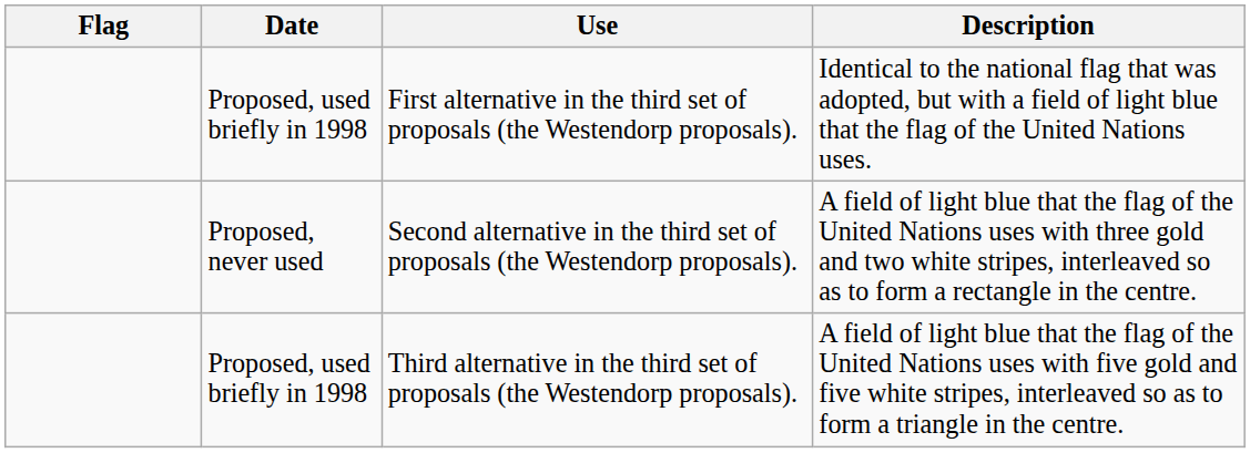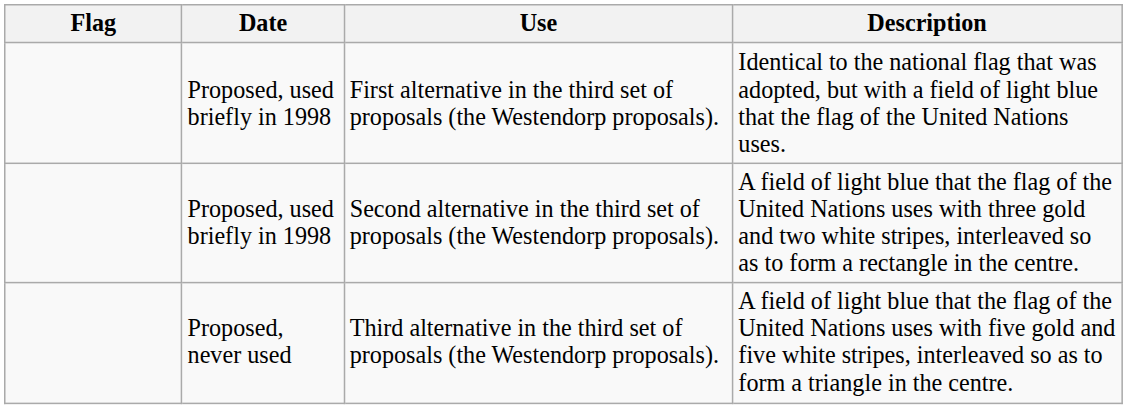 <table class="wikitable">
 <tr>
 <th style="width:110px;">Flag</th>
 <th style="width:100px;">Date</th>
 <th style="width:250px;">Use</th>
 <th style="width:250px;">Description</th>
 </tr>
 <tr>
 <td></td>
 <td>Proposed, used briefly in 1998</td>
 <td>First alternative in the third set of proposals (the Westendorp proposals).</td>
 <td>Identical to the national flag that was adopted, but with a field of light blue that the flag of the United Nations uses.</td>
 </tr>
 <tr>
 <td></td>
-<td>Proposed, never used</td>
+<td>Proposed, used briefly in 1998</td>
 <td>Second alternative in the third set of proposals (the Westendorp proposals).</td>
 <td>A field of light blue that the flag of the United Nations uses with three gold and two white stripes, interleaved so as to form a rectangle in the centre.</td>
 </tr>
 <tr>
 <td></td>
-<td>Proposed, used briefly in 1998</td>
+<td>Proposed, never used</td>
 <td>Third alternative in the third set of proposals (the Westendorp proposals).</td>
 <td>A field of light blue that the flag of the United Nations uses with five gold and five white stripes, interleaved so as to form a triangle in the centre.</td>
 </tr>
 </table>
